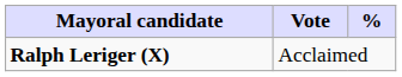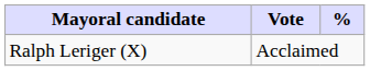 <table class="wikitable">
 <tr>
 <th style="background:#ddf; width:200px;">Mayoral candidate</th>
 <th style="background:#ddf; width:50px;">Vote</th>
 <th style="background:#ddf; width:30px;">%</th>
 </tr>
 <tr>
-<td><strong>Ralph Leriger (X)</strong></td>
+<td>Ralph Leriger (X)</td>
 <td colspan="2">Acclaimed</td>
 </tr>
 </table>
